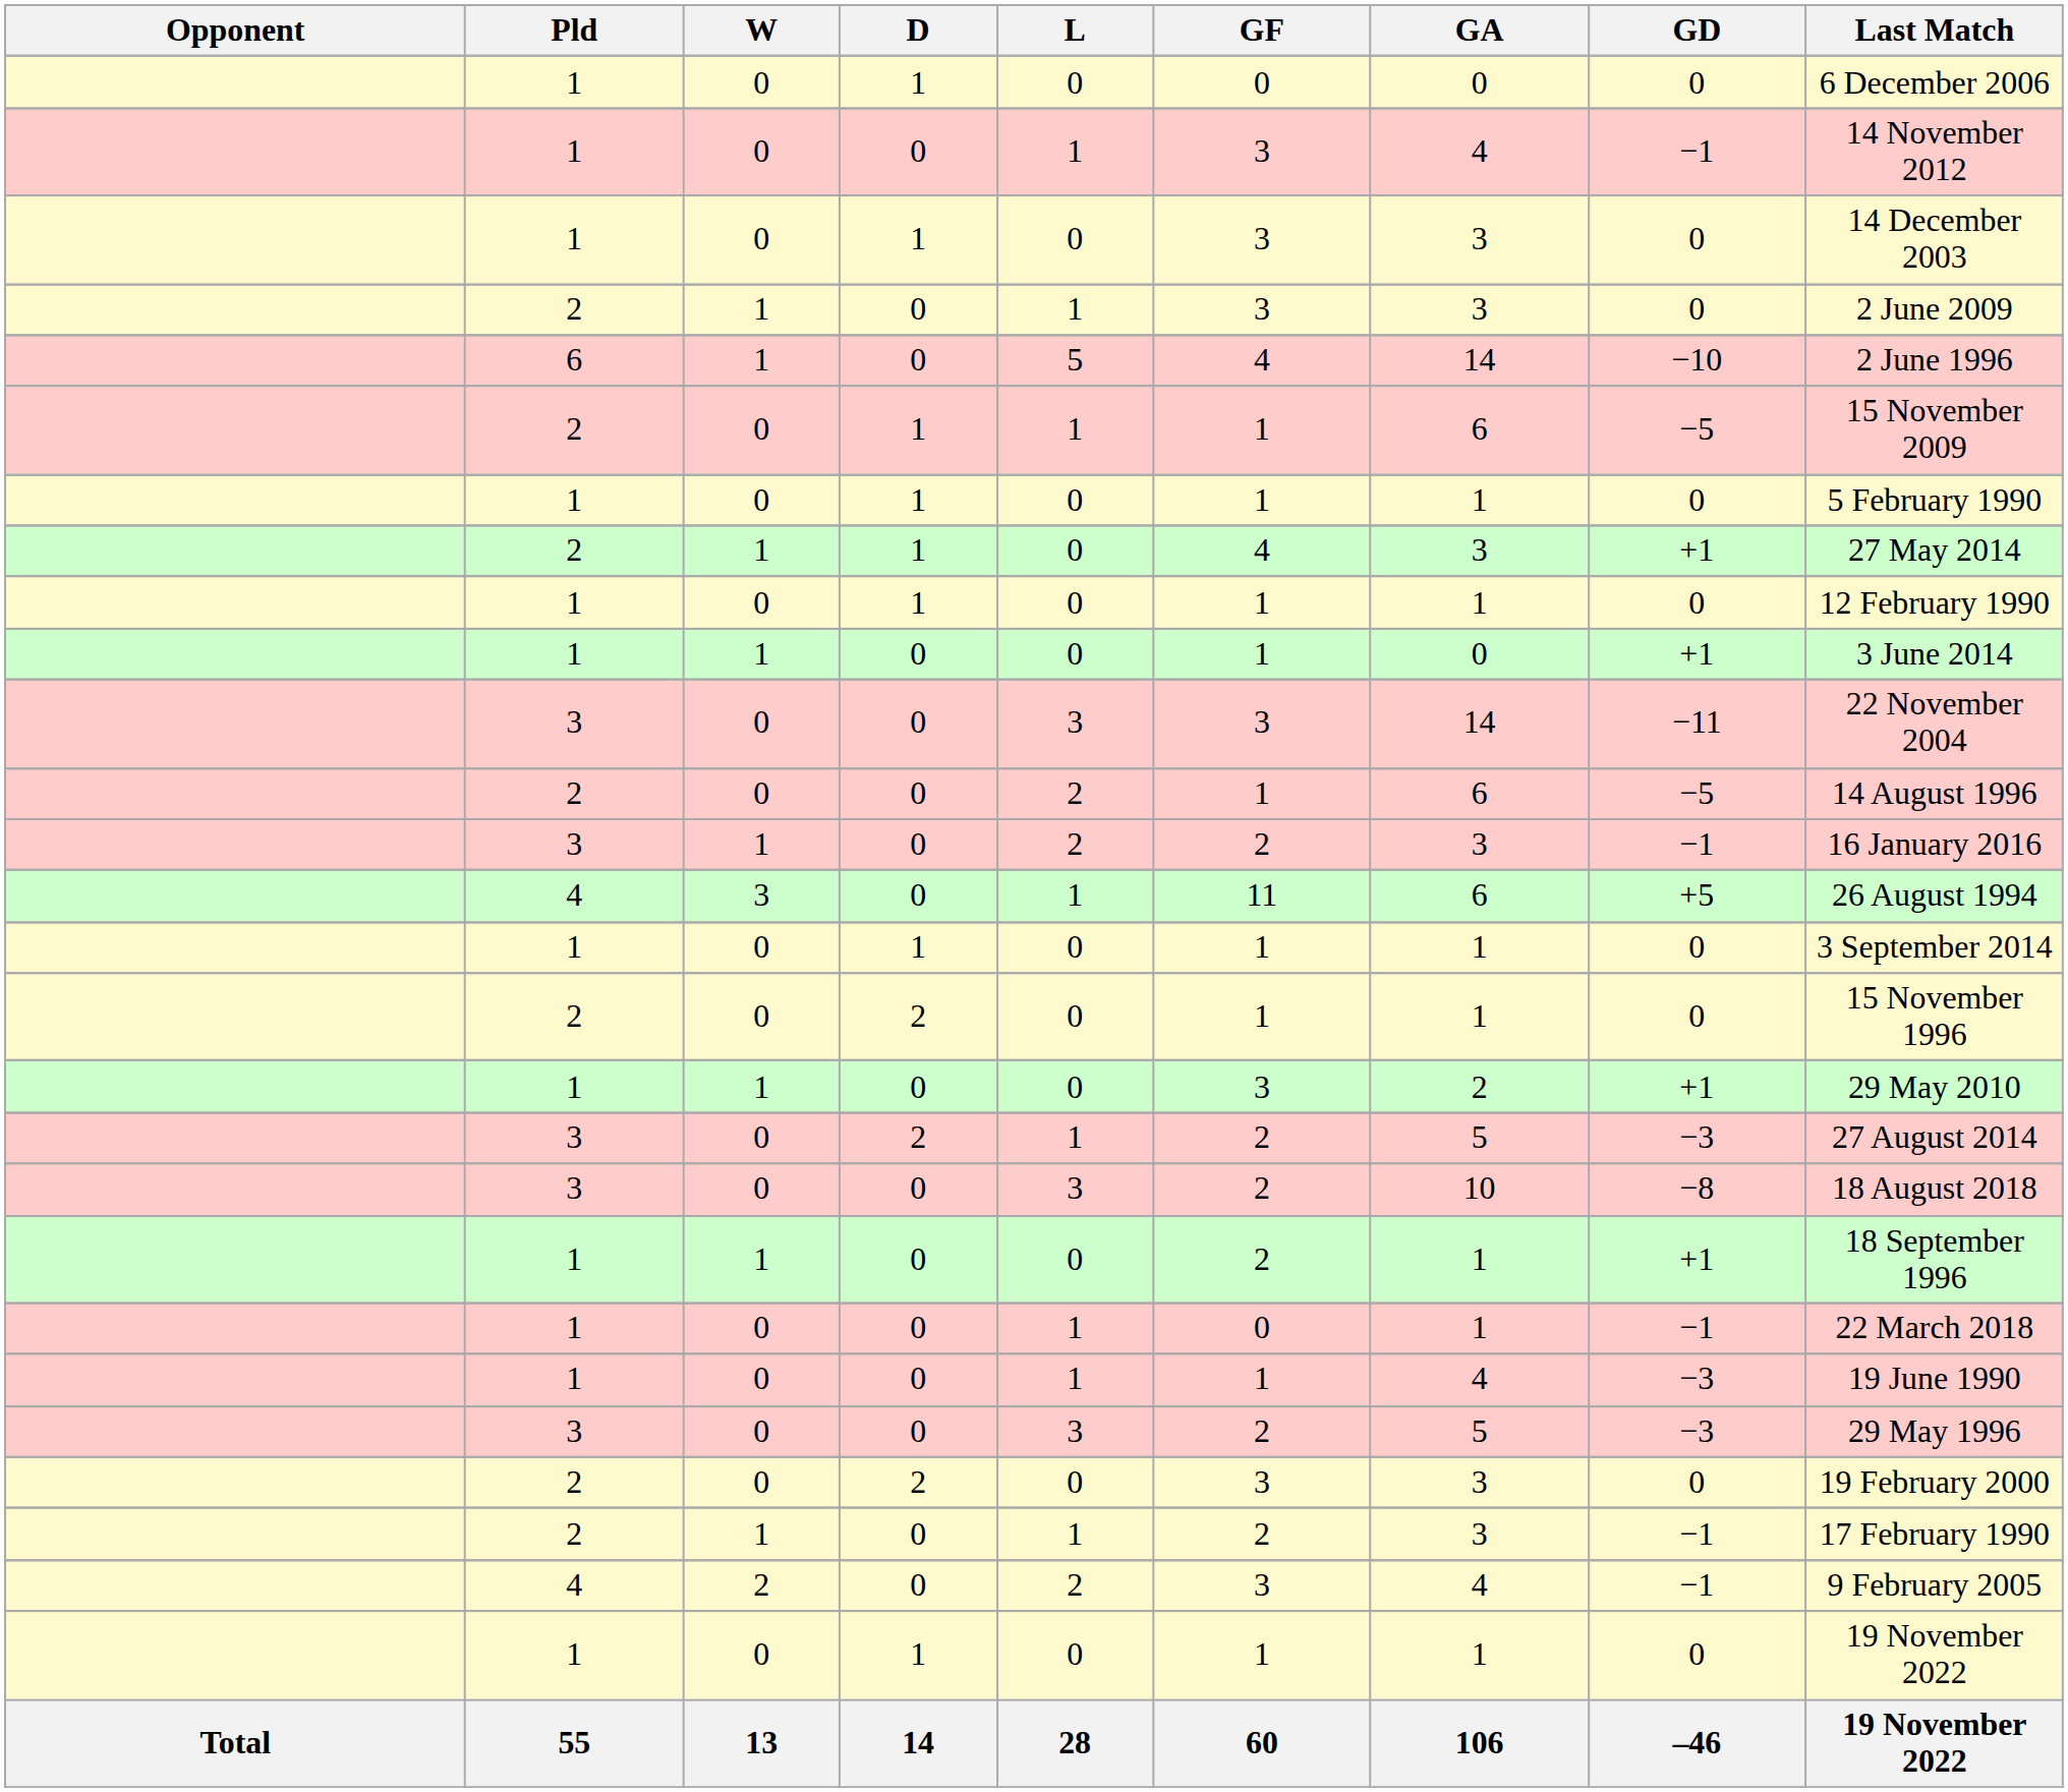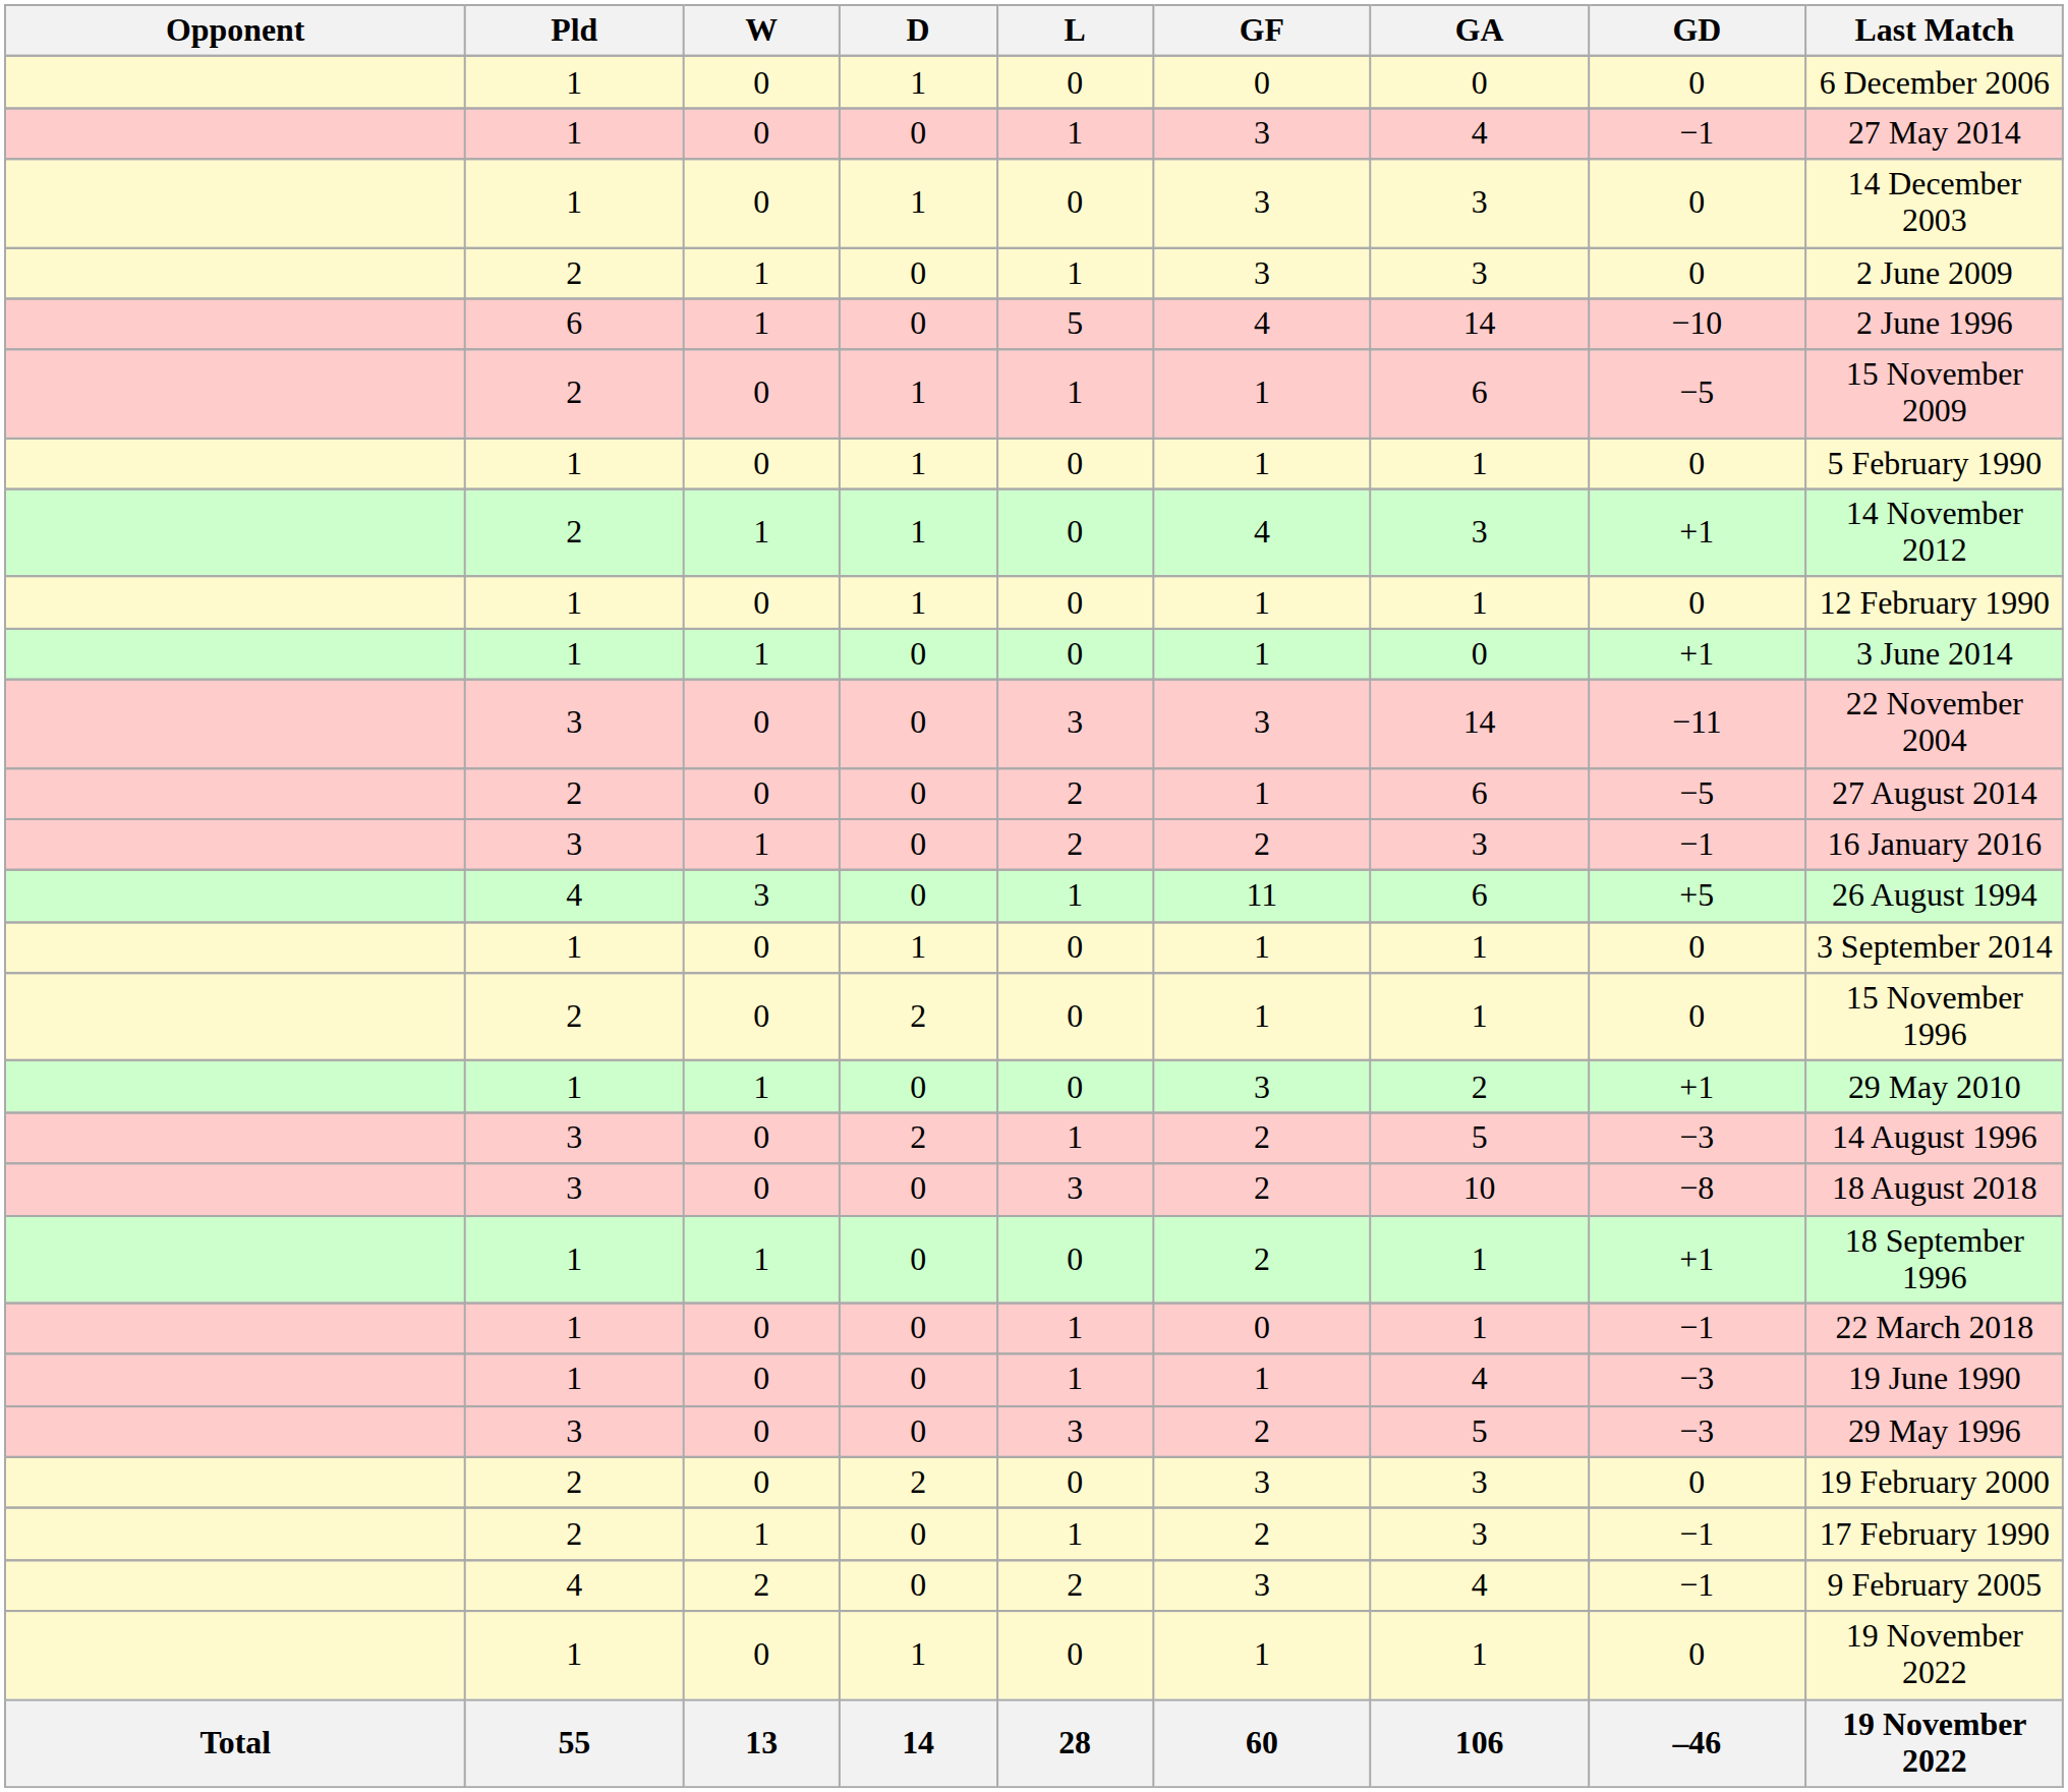 <table class="wikitable sortable" style="text-align: center">
 <tr>
 <th width=220>Opponent<br></th>
 <th width=100>Pld<br></th>
 <th width=70>W<br></th>
 <th width=70>D<br></th>
 <th width=70>L<br></th>
 <th width=100>GF<br></th>
 <th width=100>GA<br></th>
 <th width=100>GD<br></th>
 <th width=120>Last Match<br></th>
 </tr>
 <tr>
 </tr>
 <tr bgcolor="#FFFACD">
 <td style="text-align:left;"></td>
 <td>1</td>
 <td>0</td>
 <td>1</td>
 <td>0</td>
 <td>0</td>
 <td>0</td>
 <td>0</td>
 <td>6 December 2006</td>
 </tr>
 <tr>
 </tr>
 <tr bgcolor="#FFCCCC">
 <td style="text-align:left;"></td>
 <td>1</td>
 <td>0</td>
 <td>0</td>
 <td>1</td>
 <td>3</td>
 <td>4</td>
 <td>−1</td>
-<td>14 November 2012</td>
+<td>27 May 2014</td>
 </tr>
 <tr>
 </tr>
 <tr bgcolor="#FFFACD">
 <td style="text-align:left;"></td>
 <td>1</td>
 <td>0</td>
 <td>1</td>
 <td>0</td>
 <td>3</td>
 <td>3</td>
 <td>0</td>
 <td>14 December 2003</td>
 </tr>
 <tr>
 </tr>
 <tr bgcolor="#FFFACD">
 <td style="text-align:left;"></td>
 <td>2</td>
 <td>1</td>
 <td>0</td>
 <td>1</td>
 <td>3</td>
 <td>3</td>
 <td>0</td>
 <td>2 June 2009</td>
 </tr>
 <tr>
 </tr>
 <tr bgcolor="#FFCCCC">
 <td style="text-align:left;"></td>
 <td>6</td>
 <td>1</td>
 <td>0</td>
 <td>5</td>
 <td>4</td>
 <td>14</td>
 <td>−10</td>
 <td>2 June 1996</td>
 </tr>
 <tr>
 </tr>
 <tr bgcolor="#FFCCCC">
 <td style="text-align:left;"></td>
 <td>2</td>
 <td>0</td>
 <td>1</td>
 <td>1</td>
 <td>1</td>
 <td>6</td>
 <td>−5</td>
 <td>15 November 2009</td>
 </tr>
 <tr>
 </tr>
 <tr bgcolor="#FFFACD">
 <td style="text-align:left;"></td>
 <td>1</td>
 <td>0</td>
 <td>1</td>
 <td>0</td>
 <td>1</td>
 <td>1</td>
 <td>0</td>
 <td>5 February 1990</td>
 </tr>
 <tr>
 </tr>
 <tr bgcolor="#CCFFCC">
 <td style="text-align:left;"></td>
 <td>2</td>
 <td>1</td>
 <td>1</td>
 <td>0</td>
 <td>4</td>
 <td>3</td>
 <td>+1</td>
-<td>27 May 2014</td>
+<td>14 November 2012</td>
 </tr>
 <tr>
 </tr>
 <tr bgcolor="#FFFACD">
 <td style="text-align:left;"></td>
 <td>1</td>
 <td>0</td>
 <td>1</td>
 <td>0</td>
 <td>1</td>
 <td>1</td>
 <td>0</td>
 <td>12 February 1990</td>
 </tr>
 <tr>
 </tr>
 <tr bgcolor="#CCFFCC">
 <td style="text-align:left;"></td>
 <td>1</td>
 <td>1</td>
 <td>0</td>
 <td>0</td>
 <td>1</td>
 <td>0</td>
 <td>+1</td>
 <td>3 June 2014</td>
 </tr>
 <tr>
 </tr>
 <tr bgcolor="#FFCCCC">
 <td style="text-align:left;"></td>
 <td>3</td>
 <td>0</td>
 <td>0</td>
 <td>3</td>
 <td>3</td>
 <td>14</td>
 <td>−11</td>
 <td>22 November 2004</td>
 </tr>
 <tr>
 </tr>
 <tr bgcolor="#FFCCCC">
 <td style="text-align:left;"></td>
 <td>2</td>
 <td>0</td>
 <td>0</td>
 <td>2</td>
 <td>1</td>
 <td>6</td>
 <td>−5</td>
-<td>14 August 1996</td>
+<td>27 August 2014</td>
 </tr>
 <tr>
 </tr>
 <tr bgcolor="#FFCCCC">
 <td style="text-align:left;"></td>
 <td>3</td>
 <td>1</td>
 <td>0</td>
 <td>2</td>
 <td>2</td>
 <td>3</td>
 <td>−1</td>
 <td>16 January 2016</td>
 </tr>
 <tr>
 </tr>
 <tr bgcolor="#CCFFCC">
 <td style="text-align:left;"></td>
 <td>4</td>
 <td>3</td>
 <td>0</td>
 <td>1</td>
 <td>11</td>
 <td>6</td>
 <td>+5</td>
 <td>26 August 1994</td>
 </tr>
 <tr>
 </tr>
 <tr bgcolor="#FFFACD">
 <td style="text-align:left;"></td>
 <td>1</td>
 <td>0</td>
 <td>1</td>
 <td>0</td>
 <td>1</td>
 <td>1</td>
 <td>0</td>
 <td>3 September 2014</td>
 </tr>
 <tr>
 </tr>
 <tr bgcolor="#FFFACD">
 <td style="text-align:left;"></td>
 <td>2</td>
 <td>0</td>
 <td>2</td>
 <td>0</td>
 <td>1</td>
 <td>1</td>
 <td>0</td>
 <td>15 November 1996</td>
 </tr>
 <tr>
 </tr>
 <tr bgcolor="#CCFFCC">
 <td style="text-align:left;"></td>
 <td>1</td>
 <td>1</td>
 <td>0</td>
 <td>0</td>
 <td>3</td>
 <td>2</td>
 <td>+1</td>
 <td>29 May 2010</td>
 </tr>
 <tr>
 </tr>
 <tr bgcolor="#FFCCCC">
 <td style="text-align:left;"></td>
 <td>3</td>
 <td>0</td>
 <td>2</td>
 <td>1</td>
 <td>2</td>
 <td>5</td>
 <td>−3</td>
-<td>27 August 2014</td>
+<td>14 August 1996</td>
 </tr>
 <tr>
 </tr>
 <tr bgcolor="#FFCCCC">
 <td style="text-align:left;"></td>
 <td>3</td>
 <td>0</td>
 <td>0</td>
 <td>3</td>
 <td>2</td>
 <td>10</td>
 <td>−8</td>
 <td>18 August 2018</td>
 </tr>
 <tr>
 </tr>
 <tr bgcolor="#CCFFCC">
 <td style="text-align:left;"></td>
 <td>1</td>
 <td>1</td>
 <td>0</td>
 <td>0</td>
 <td>2</td>
 <td>1</td>
 <td>+1</td>
 <td>18 September 1996</td>
 </tr>
 <tr>
 </tr>
 <tr bgcolor="#FFCCCC">
 <td style="text-align:left;"></td>
 <td>1</td>
 <td>0</td>
 <td>0</td>
 <td>1</td>
 <td>0</td>
 <td>1</td>
 <td>−1</td>
 <td>22 March 2018</td>
 </tr>
 <tr>
 </tr>
 <tr bgcolor="#FFCCCC">
 <td style="text-align:left;"></td>
 <td>1</td>
 <td>0</td>
 <td>0</td>
 <td>1</td>
 <td>1</td>
 <td>4</td>
 <td>−3</td>
 <td>19 June 1990</td>
 </tr>
 <tr>
 </tr>
 <tr bgcolor="#FFCCCC">
 <td style="text-align:left;"></td>
 <td>3</td>
 <td>0</td>
 <td>0</td>
 <td>3</td>
 <td>2</td>
 <td>5</td>
 <td>−3</td>
 <td>29 May 1996</td>
 </tr>
 <tr>
 </tr>
 <tr bgcolor="#FFFACD">
 <td style="text-align:left;"></td>
 <td>2</td>
 <td>0</td>
 <td>2</td>
 <td>0</td>
 <td>3</td>
 <td>3</td>
 <td>0</td>
 <td>19 February 2000</td>
 </tr>
 <tr>
 </tr>
 <tr bgcolor="#FFFACD">
 <td style="text-align:left;"></td>
 <td>2</td>
 <td>1</td>
 <td>0</td>
 <td>1</td>
 <td>2</td>
 <td>3</td>
 <td>−1</td>
 <td>17 February 1990</td>
 </tr>
 <tr>
 </tr>
 <tr bgcolor="#FFFACD">
 <td style="text-align:left;"></td>
 <td>4</td>
 <td>2</td>
 <td>0</td>
 <td>2</td>
 <td>3</td>
 <td>4</td>
 <td>−1</td>
 <td>9 February 2005</td>
 </tr>
 <tr>
 </tr>
 <tr bgcolor="#FFFACD">
 <td style="text-align:left;"></td>
 <td>1</td>
 <td>0</td>
 <td>1</td>
 <td>0</td>
 <td>1</td>
 <td>1</td>
 <td>0</td>
 <td>19 November 2022</td>
 </tr>
 <tr class="sortbottom">
 <th>Total</th>
 <th>55</th>
 <th>13</th>
 <th>14</th>
 <th>28</th>
 <th>60</th>
 <th>106</th>
 <th>–46</th>
 <th>19 November 2022</th>
 </tr>
 </table>
